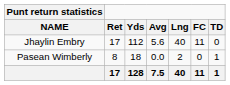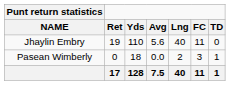 <table class="wikitable sortable" style="text-align:center;">
 <tr>
 <th style="text-align:center; ">Punt return statistics</th>
 </tr>
 <tr>
 <th>NAME</th>
 <th>Ret</th>
 <th>Yds</th>
 <th>Avg</th>
 <th>Lng</th>
 <th>FC</th>
 <th>TD</th>
 </tr>
 <tr>
 <td>Jhaylin Embry</td>
-<td>17</td>
-<td>112</td>
+<td>19</td>
+<td>110</td>
 <td>5.6</td>
 <td>40</td>
 <td>11</td>
 <td>0</td>
 </tr>
 <tr>
 <td>Pasean Wimberly</td>
-<td>8</td>
+<td>0</td>
 <td>18</td>
 <td>0.0</td>
 <td>2</td>
-<td>0</td>
+<td>3</td>
 <td>1</td>
 </tr>
 <tr>
 <th colspan="1"></th>
 <th>17</th>
 <th>128</th>
 <th>7.5</th>
 <th>40</th>
 <th>11</th>
 <th>1</th>
 </tr>
 </table>
